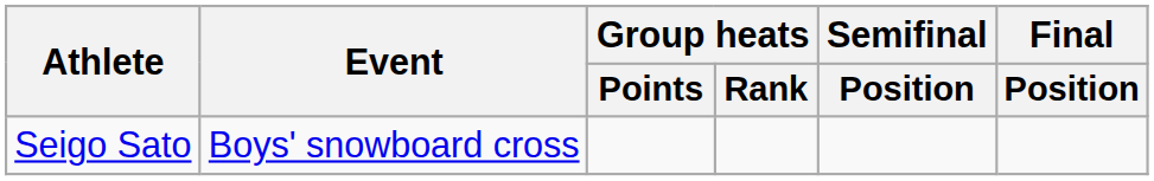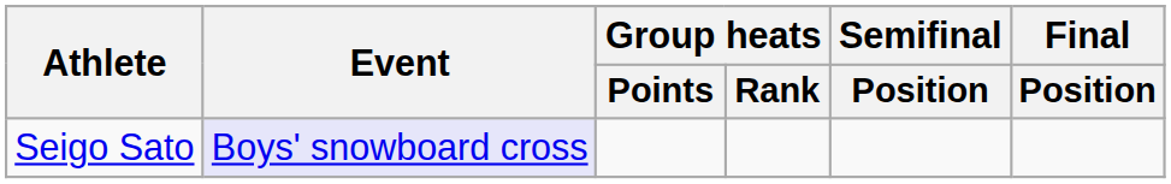 <table class="wikitable" style="font-size:90%">
 <tr>
 <th rowspan="2">Athlete</th>
 <th rowspan="2">Event</th>
 <th colspan=2>Group heats</th>
 <th>Semifinal</th>
 <th>Final</th>
 </tr>
 <tr style="font-size:95%">
 <th>Points</th>
 <th>Rank</th>
 <th>Position</th>
 <th>Position</th>
 </tr>
 <tr align=center>
 <td align=left><a href='#'>Seigo Sato</a></td>
-<td align=left><a href='#'>Boys' snowboard cross</a></td>
+<td align=left style="background: lavender;"><a href='#'>Boys' snowboard cross</a></td>
 <td></td>
 <td></td>
 <td></td>
 <td></td>
 </tr>
 </table>
